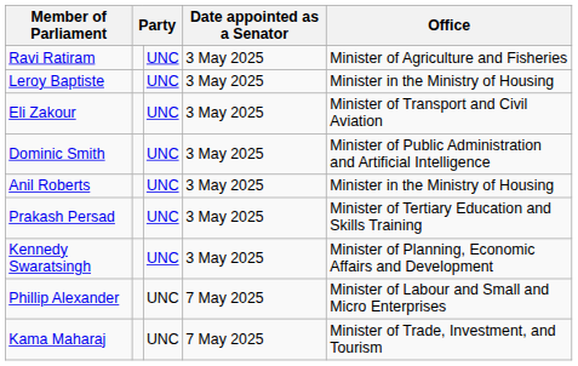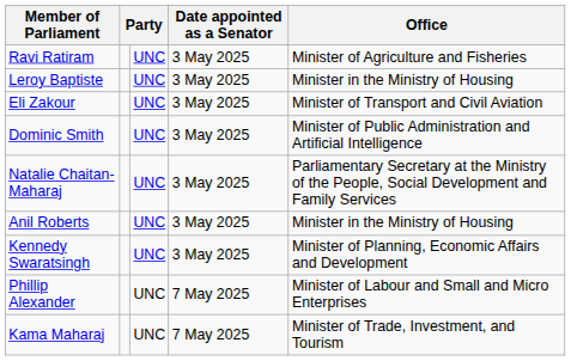 <table class="wikitable sortable mw-collapsible">
 <tr>
 <th>Member of Parliament</th>
 <th colspan="2">Party</th>
 <th>Date appointed as a Senator</th>
 <th>Office</th>
 </tr>
 <tr>
 <td><a href='#'>Ravi Ratiram</a></td>
 <td style="background:"> </td>
 <td><a href='#'>UNC</a></td>
 <td>3 May 2025</td>
 <td>Minister of Agriculture and Fisheries</td>
 </tr>
 <tr>
 <td><a href='#'>Leroy Baptiste</a></td>
 <td style="background:"> </td>
 <td><a href='#'>UNC</a></td>
 <td>3 May 2025</td>
 <td>Minister in the Ministry of Housing</td>
 </tr>
 <tr>
 <td><a href='#'>Eli Zakour</a></td>
 <td style="background:"> </td>
 <td><a href='#'>UNC</a></td>
 <td>3 May 2025</td>
 <td>Minister of Transport and Civil Aviation</td>
 </tr>
 <tr>
 <td><a href='#'>Dominic Smith</a></td>
 <td style="background:"> </td>
 <td><a href='#'>UNC</a></td>
 <td>3 May 2025</td>
 <td>Minister of Public Administration and Artificial Intelligence</td>
 </tr>
 <tr>
+<td><a href='#'>Natalie Chaitan-Maharaj</a></td>
+<td style="background:"> </td>
+<td><a href='#'>UNC</a></td>
+<td>3 May 2025</td>
+<td>Parliamentary Secretary at the Ministry of the People, Social Development and Family Services</td>
+</tr>
+<tr>
 <td><a href='#'>Anil Roberts</a></td>
 <td style="background:"> </td>
 <td><a href='#'>UNC</a></td>
 <td>3 May 2025</td>
 <td>Minister in the Ministry of Housing</td>
-</tr>
-<tr>
-<td><a href='#'>Prakash Persad</a></td>
-<td style="background:"> </td>
-<td><a href='#'>UNC</a></td>
-<td>3 May 2025</td>
-<td>Minister of Tertiary Education and Skills Training</td>
 </tr>
 <tr>
 <td><a href='#'>Kennedy Swaratsingh</a></td>
 <td style="background:"> </td>
 <td><a href='#'>UNC</a></td>
 <td>3 May 2025</td>
 <td>Minister of Planning, Economic Affairs and Development</td>
 </tr>
 <tr>
 <td><a href='#'>Phillip Alexander</a></td>
 <td style="background:"> </td>
 <td>UNC</td>
 <td>7 May 2025</td>
 <td>Minister of Labour and Small and Micro Enterprises</td>
 </tr>
 <tr>
 <td><a href='#'>Kama Maharaj</a></td>
 <td style="background:"> </td>
 <td>UNC</td>
 <td>7 May 2025</td>
 <td>Minister of Trade, Investment, and Tourism</td>
 </tr>
 </table>
